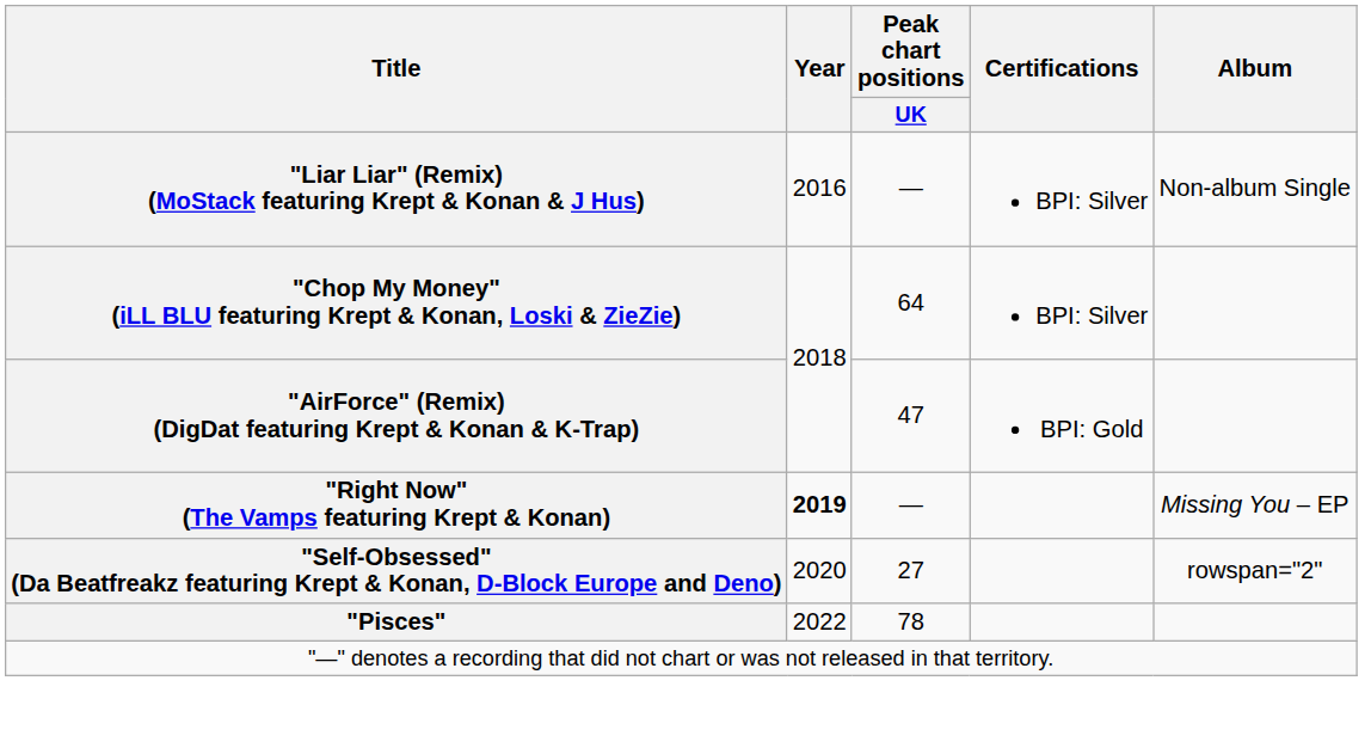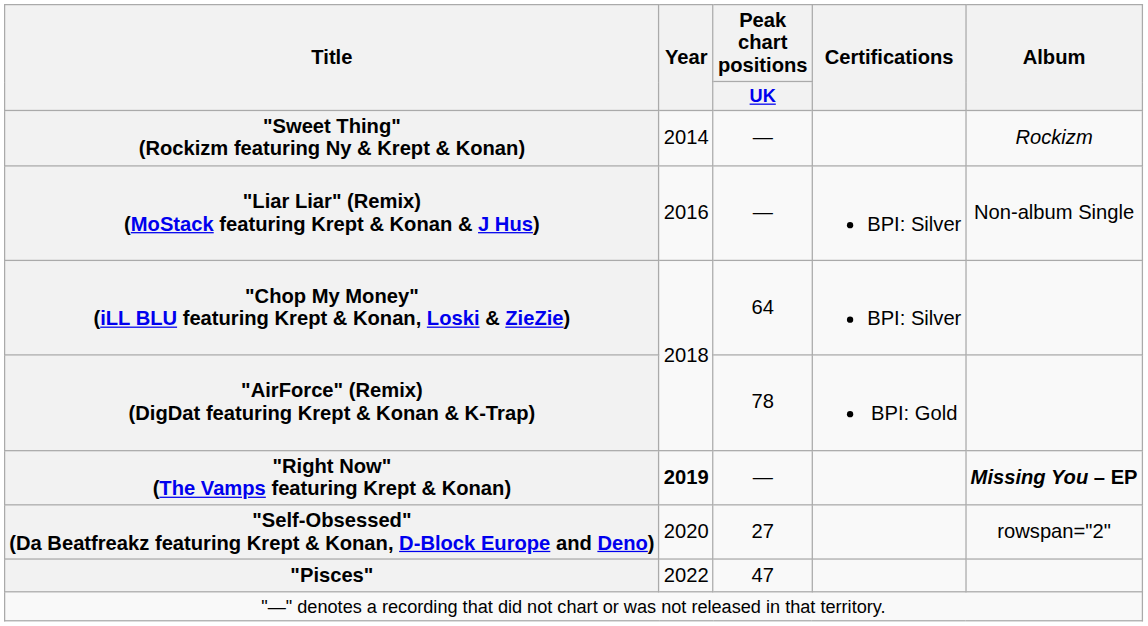 <table class="wikitable plainrowheaders" style="text-align:center;">
 <tr>
 <th scope="col" rowspan="2">Title</th>
 <th scope="col" rowspan="2">Year</th>
 <th scope="col" colspan="1">Peak chart positions</th>
 <th scope="col" rowspan="2">Certifications</th>
 <th scope="col" rowspan="2">Album</th>
 </tr>
 <tr>
 <th scope="col" style="width:2.5em;font-size:90%;"><a href='#'>UK</a><br></th>
+</tr>
+<tr>
+<th scope="row">"Sweet Thing"<br><span>(Rockizm featuring Ny & Krept & Konan)</span></th>
+<td>2014</td>
+<td>—</td>
+<td></td>
+<td><em>Rockizm</em></td>
 </tr>
 <tr>
 <th scope="row">"Liar Liar" (Remix)<br><span>(<a href='#'>MoStack</a> featuring Krept & Konan & <a href='#'>J Hus</a>)</span></th>
 <td>2016</td>
 <td>—</td>
 <td><br><ul><li>BPI: Silver</li></ul></td>
 <td>Non-album Single</td>
 </tr>
 <tr>
 <th scope="row">"Chop My Money"<br><span>(<a href='#'>iLL BLU</a> featuring Krept & Konan, <a href='#'>Loski</a> & <a href='#'>ZieZie</a>)</span></th>
 <td rowspan="2">2018</td>
 <td>64</td>
 <td><br><ul><li>BPI: Silver</li></ul></td>
 <td></td>
 </tr>
 <tr>
 <th scope="row">"AirForce" (Remix)<br><span>(DigDat featuring Krept & Konan & K-Trap)</span></th>
-<td>47</td>
+<td>78</td>
 <td><br><ul><li>BPI: Gold</li></ul></td>
 <td></td>
 </tr>
 <tr>
 <th scope="row">"Right Now"<br><span>(<a href='#'>The Vamps</a> featuring Krept & Konan)</span></th>
 <td><strong>2019</strong></td>
 <td>—</td>
 <td></td>
-<td><em>Missing You</em> – EP</td>
+<td><strong><em>Missing You</em> – EP</strong></td>
 </tr>
 <tr>
 <th scope="row">"Self-Obsessed"<br><span>(Da Beatfreakz featuring Krept & Konan, <a href='#'>D-Block Europe</a> and <a href='#'>Deno</a>)</span></th>
 <td>2020</td>
 <td>27</td>
 <td></td>
 <td>rowspan="2" </td>
 </tr>
 <tr>
 <th scope="row">"Pisces"<br></th>
 <td>2022</td>
-<td>78</td>
+<td>47</td>
 <td></td>
 </tr>
 <tr>
 <td colspan="5" style="font-size:90%">"—" denotes a recording that did not chart or was not released in that territory.</td>
 </tr>
 </table>
